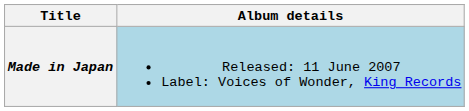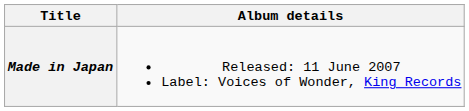 <table class="wikitable plainrowheaders" style="text-align:center;">
 <tr>
 <th>Title</th>
 <th>Album details</th>
 </tr>
 <tr>
 <th scope="row"><em>Made in Japan</em></th>
-<td style="background: lightblue;"><br><ul><li>Released: 11 June 2007</li><li>Label: Voices of Wonder, <a href='#'>King Records</a></li></ul></td>
+<td><br><ul><li>Released: 11 June 2007</li><li>Label: Voices of Wonder, <a href='#'>King Records</a></li></ul></td>
 </tr>
 </table>
